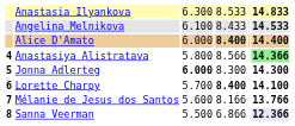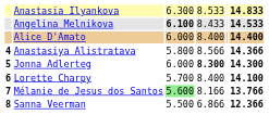 <table>
 <tr style="background:#fffcaf;">
 <th scope=row style="text-align:center"></th>
 <td align=left> <a href='#'>Anastasia Ilyankova</a></td>
 <td>6.300</td>
 <td>8.533</td>
 <td></td>
 <td><strong>14.833</strong></td>
 </tr>
 <tr style="background:#e5e5e5;">
 <th scope=row style="text-align:center"></th>
 <td align=left> <a href='#'>Angelina Melnikova</a></td>
-<td>6.100</td>
+<td><strong>6.100</strong></td>
 <td>8.433</td>
 <td></td>
 <td><strong>14.533</strong></td>
 </tr>
 <tr style="background:#ec9;">
 <th scope=row style="text-align:center"></th>
 <td align=left> <a href='#'>Alice D'Amato</a></td>
 <td>6.000</td>
-<td><strong>8.400</strong></td>
+<td>8.400</td>
 <td></td>
 <td><strong>14.400</strong></td>
 </tr>
 <tr>
 <th scope=row style="text-align:center">4</th>
 <td align=left> <a href='#'>Anastasiya Alistratava</a></td>
 <td>5.800</td>
 <td>8.566</td>
 <td></td>
-<td style="background: lightgreen;"><strong>14.366</strong></td>
+<td><strong>14.366</strong></td>
 </tr>
 <tr>
 <th scope=row style="text-align:center">5</th>
 <td align=left> <a href='#'>Jonna Adlerteg</a></td>
-<td><strong>6.000</strong></td>
-<td>8.300</td>
+<td>6.000</td>
+<td><strong>8.300</strong></td>
 <td></td>
 <td><strong>14.300</strong></td>
 </tr>
 <tr>
 <th scope=row style="text-align:center">6</th>
 <td align=left> <a href='#'>Lorette Charpy</a></td>
 <td>5.700</td>
-<td><strong>8.400</strong></td>
+<td>8.400</td>
 <td></td>
 <td><strong>14.100</strong></td>
 </tr>
 <tr>
 <th scope=row style="text-align:center">7</th>
 <td align=left> <a href='#'>Mélanie de Jesus dos Santos</a></td>
-<td>5.600</td>
+<td style="background: lightgreen;">5.600</td>
 <td>8.166</td>
 <td></td>
 <td><strong>13.766</strong></td>
 </tr>
 <tr>
 <th scope=row style="text-align:center">8</th>
 <td align=left> <a href='#'>Sanna Veerman</a></td>
 <td>5.500</td>
 <td>6.866</td>
 <td></td>
-<td style="background: lavender;"><strong>12.366</strong></td>
+<td><strong>12.366</strong></td>
 </tr>
 </table>
